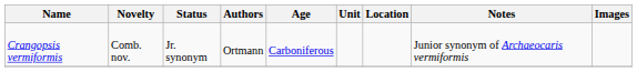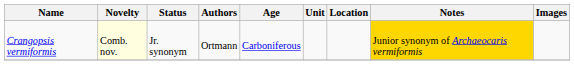 <table class="wikitable sortable" align="center" width="100%">
 <tr>
 <th>Name</th>
 <th>Novelty</th>
 <th>Status</th>
 <th>Authors</th>
 <th>Age</th>
 <th>Unit</th>
 <th>Location</th>
 <th>Notes</th>
 <th>Images</th>
 </tr>
 <tr>
 <td><br><em><a href='#'>Crangopsis vermiformis</a></em></td>
-<td><br>Comb. nov.</td>
+<td style="background: lightyellow;"><br>Comb. nov.</td>
 <td><br>Jr. synonym</td>
 <td><br>Ortmann</td>
 <td><br><a href='#'>Carboniferous</a></td>
 <td></td>
 <td><br><br></td>
-<td><br>Junior synonym of <em><a href='#'>Archaeocaris</a> vermiformis</em></td>
+<td style="background: gold;"><br>Junior synonym of <em><a href='#'>Archaeocaris</a> vermiformis</em></td>
 <td></td>
 </tr>
 <tr>
 </tr>
 </table>
